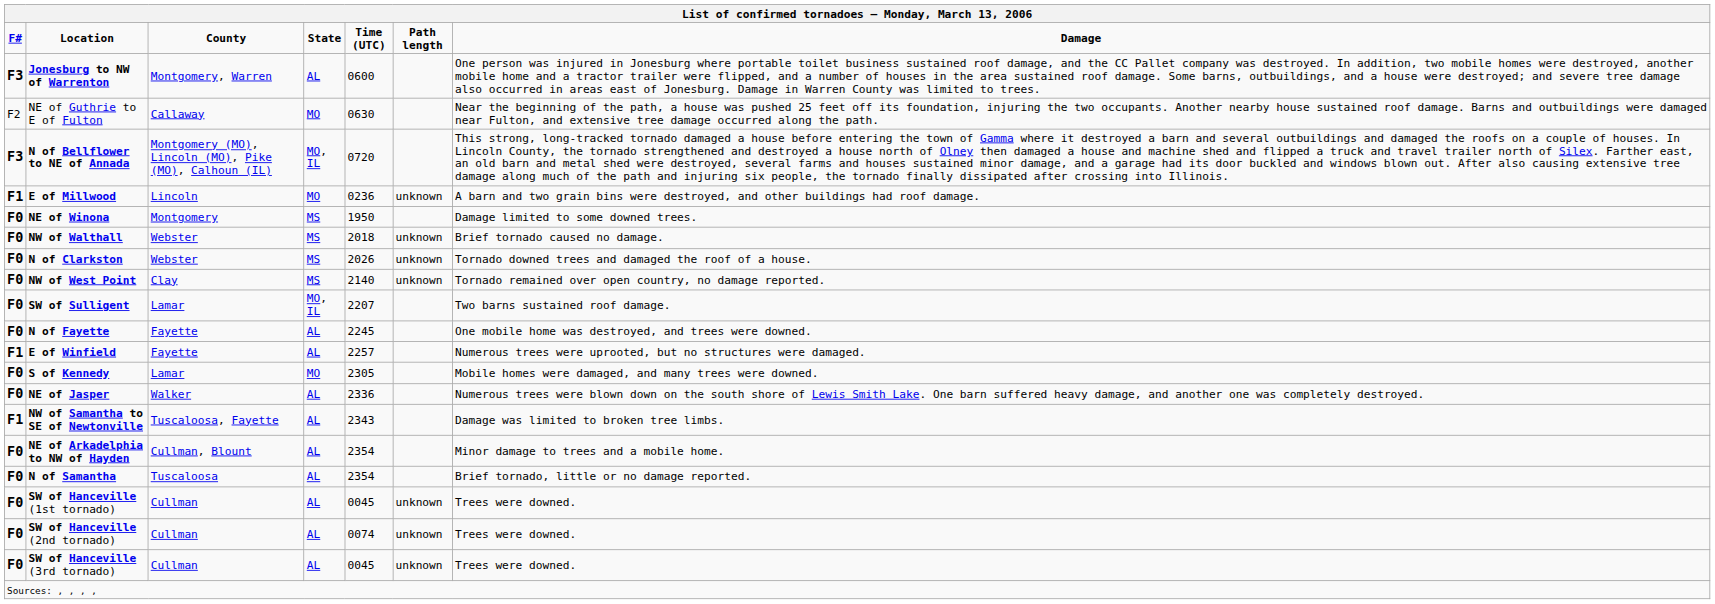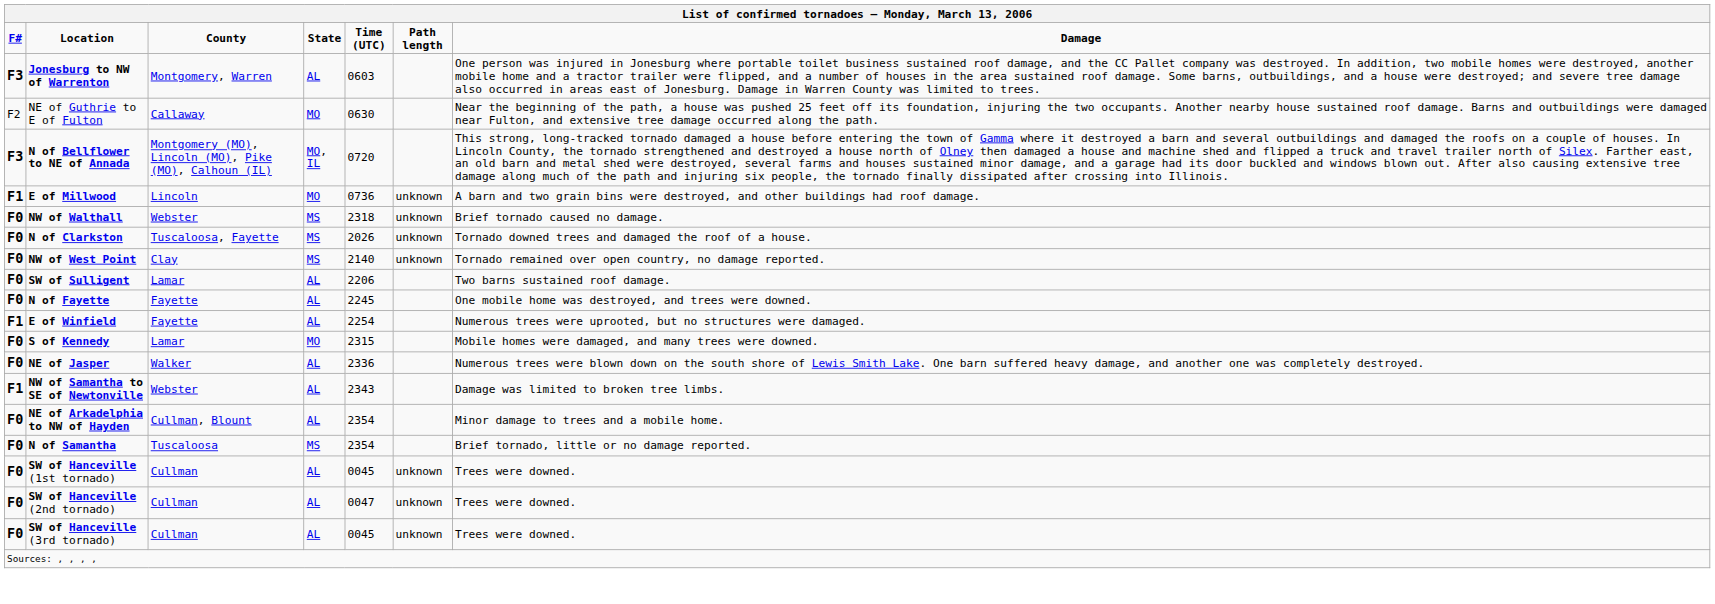 <table class="wikitable collapsible" width="100%">
 <tr>
 <th colspan="7">List of confirmed tornadoes – Monday, March 13, 2006</th>
 </tr>
 <tr style="text-align:center;">
 <td><strong><a href='#'>F#</a></strong></td>
 <td><strong>Location</strong></td>
 <td><strong>County</strong></td>
 <td><strong>State</strong></td>
 <td><strong>Time (UTC)</strong></td>
 <td><strong>Path length</strong></td>
 <td><strong>Damage</strong></td>
 </tr>
 <tr>
 <td><big><strong>F3</strong></big></td>
 <td><strong><a href='#'>Jonesburg</a> to NW of <a href='#'>Warrenton</a></strong></td>
 <td><a href='#'>Montgomery</a>, <a href='#'>Warren</a></td>
 <td><a href='#'>AL</a></td>
-<td>0600</td>
+<td>0603</td>
 <td></td>
 <td>One person was injured in Jonesburg where portable toilet business sustained roof damage, and the CC Pallet company was destroyed. In addition, two mobile homes were destroyed, another mobile home and a tractor trailer were flipped, and a number of houses in the area sustained roof damage. Some barns, outbuildings, and a house were destroyed; and severe tree damage also occurred in areas east of Jonesburg. Damage in Warren County was limited to trees.</td>
 </tr>
 <tr>
 <td>F2</td>
 <td>NE of <a href='#'>Guthrie</a> to E of <a href='#'>Fulton</a></td>
 <td><a href='#'>Callaway</a></td>
 <td><a href='#'>MO</a></td>
 <td>0630</td>
 <td></td>
 <td>Near the beginning of the path, a house was pushed 25 feet off its foundation, injuring the two occupants. Another nearby house sustained roof damage. Barns and outbuildings were damaged near Fulton, and extensive tree damage occurred along the path.</td>
 </tr>
 <tr>
 <td><big><strong>F3</strong></big></td>
 <td><strong>N of <a href='#'>Bellflower</a> to NE of <a href='#'>Annada</a></strong></td>
 <td><a href='#'>Montgomery (MO)</a>, <a href='#'>Lincoln (MO)</a>, <a href='#'>Pike (MO)</a>, <a href='#'>Calhoun (IL)</a></td>
 <td><a href='#'>MO</a>, <a href='#'>IL</a></td>
 <td>0720</td>
 <td></td>
 <td>This strong, long-tracked tornado damaged a house before entering the town of <a href='#'>Gamma</a> where it destroyed a barn and several outbuildings and damaged the roofs on a couple of houses. In Lincoln County, the tornado strengthened and destroyed a house north of <a href='#'>Olney</a> then damaged a house and machine shed and flipped a truck and travel trailer north of <a href='#'>Silex</a>. Farther east, an old barn and metal shed were destroyed, several farms and houses sustained minor damage, and a garage had its door buckled and windows blown out. After also causing extensive tree damage along much of the path and injuring six people, the tornado finally dissipated after crossing into Illinois.</td>
 </tr>
 <tr>
 <td><big><strong>F1</strong></big></td>
 <td><strong>E of <a href='#'>Millwood</a></strong></td>
 <td><a href='#'>Lincoln</a></td>
 <td><a href='#'>MO</a></td>
-<td>0236</td>
+<td>0736</td>
 <td>unknown</td>
 <td>A barn and two grain bins were destroyed, and other buildings had roof damage.</td>
-</tr>
-<tr>
-<td><big><strong>F0</strong></big></td>
-<td><strong>NE of <a href='#'>Winona</a></strong></td>
-<td><a href='#'>Montgomery</a></td>
-<td><a href='#'>MS</a></td>
-<td>1950</td>
-<td></td>
-<td>Damage limited to some downed trees.</td>
 </tr>
 <tr>
 <td><big><strong>F0</strong></big></td>
 <td><strong>NW of <a href='#'>Walthall</a></strong></td>
 <td><a href='#'>Webster</a></td>
 <td><a href='#'>MS</a></td>
-<td>2018</td>
+<td>2318</td>
 <td>unknown</td>
 <td>Brief tornado caused no damage.</td>
 </tr>
 <tr>
 <td><big><strong>F0</strong></big></td>
 <td><strong>N of <a href='#'>Clarkston</a></strong></td>
-<td><a href='#'>Webster</a></td>
+<td><a href='#'>Tuscaloosa</a>, <a href='#'>Fayette</a></td>
 <td><a href='#'>MS</a></td>
 <td>2026</td>
 <td>unknown</td>
 <td>Tornado downed trees and damaged the roof of a house.</td>
 </tr>
 <tr>
 <td><big><strong>F0</strong></big></td>
 <td><strong>NW of <a href='#'>West Point</a></strong></td>
 <td><a href='#'>Clay</a></td>
 <td><a href='#'>MS</a></td>
 <td>2140</td>
 <td>unknown</td>
 <td>Tornado remained over open country, no damage reported.</td>
 </tr>
 <tr>
 <td><big><strong>F0</strong></big></td>
 <td><strong>SW of <a href='#'>Sulligent</a></strong></td>
 <td><a href='#'>Lamar</a></td>
-<td><a href='#'>MO</a>, <a href='#'>IL</a></td>
-<td>2207</td>
+<td><a href='#'>AL</a></td>
+<td>2206</td>
 <td></td>
 <td>Two barns sustained roof damage.</td>
 </tr>
 <tr>
 <td><big><strong>F0</strong></big></td>
 <td><strong>N of <a href='#'>Fayette</a></strong></td>
 <td><a href='#'>Fayette</a></td>
 <td><a href='#'>AL</a></td>
 <td>2245</td>
 <td></td>
 <td>One mobile home was destroyed, and trees were downed.</td>
 </tr>
 <tr>
 <td><big><strong>F1</strong></big></td>
 <td><strong>E of <a href='#'>Winfield</a></strong></td>
 <td><a href='#'>Fayette</a></td>
 <td><a href='#'>AL</a></td>
-<td>2257</td>
+<td>2254</td>
 <td></td>
 <td>Numerous trees were uprooted, but no structures were damaged.</td>
 </tr>
 <tr>
 <td><big><strong>F0</strong></big></td>
 <td><strong>S of <a href='#'>Kennedy</a></strong></td>
 <td><a href='#'>Lamar</a></td>
 <td><a href='#'>MO</a></td>
-<td>2305</td>
+<td>2315</td>
 <td></td>
 <td>Mobile homes were damaged, and many trees were downed.</td>
 </tr>
 <tr>
 <td><big><strong>F0</strong></big></td>
 <td><strong>NE of <a href='#'>Jasper</a></strong></td>
 <td><a href='#'>Walker</a></td>
 <td><a href='#'>AL</a></td>
 <td>2336</td>
 <td></td>
 <td>Numerous trees were blown down on the south shore of <a href='#'>Lewis Smith Lake</a>. One barn suffered heavy damage, and another one was completely destroyed.</td>
 </tr>
 <tr>
 <td><big><strong>F1</strong></big></td>
 <td><strong>NW of <a href='#'>Samantha</a> to SE of <a href='#'>Newtonville</a></strong></td>
-<td><a href='#'>Tuscaloosa</a>, <a href='#'>Fayette</a></td>
+<td><a href='#'>Webster</a></td>
 <td><a href='#'>AL</a></td>
 <td>2343</td>
 <td></td>
 <td>Damage was limited to broken tree limbs.</td>
 </tr>
 <tr>
 <td><big><strong>F0</strong></big></td>
 <td><strong>NE of <a href='#'>Arkadelphia</a> to NW of <a href='#'>Hayden</a></strong></td>
 <td><a href='#'>Cullman</a>, <a href='#'>Blount</a></td>
 <td><a href='#'>AL</a></td>
 <td>2354</td>
 <td></td>
 <td>Minor damage to trees and a mobile home.</td>
 </tr>
 <tr>
 <td><big><strong>F0</strong></big></td>
 <td><strong>N of <a href='#'>Samantha</a></strong></td>
 <td><a href='#'>Tuscaloosa</a></td>
-<td><a href='#'>AL</a></td>
+<td><a href='#'>MS</a></td>
 <td>2354</td>
 <td></td>
 <td>Brief tornado, little or no damage reported.</td>
 </tr>
 <tr>
 <td><big><strong>F0</strong></big></td>
 <td><strong>SW of <a href='#'>Hanceville</a></strong> (1st tornado)</td>
 <td><a href='#'>Cullman</a></td>
 <td><a href='#'>AL</a></td>
 <td>0045</td>
 <td>unknown</td>
 <td>Trees were downed.</td>
 </tr>
 <tr>
 <td><big><strong>F0</strong></big></td>
 <td><strong>SW of <a href='#'>Hanceville</a></strong> (2nd tornado)</td>
 <td><a href='#'>Cullman</a></td>
 <td><a href='#'>AL</a></td>
-<td>0074</td>
+<td>0047</td>
 <td>unknown</td>
 <td>Trees were downed.</td>
 </tr>
 <tr>
 <td><big><strong>F0</strong></big></td>
 <td><strong>SW of <a href='#'>Hanceville</a></strong> (3rd tornado)</td>
 <td><a href='#'>Cullman</a></td>
 <td><a href='#'>AL</a></td>
 <td>0045</td>
 <td>unknown</td>
 <td>Trees were downed.</td>
 </tr>
 <tr>
 <td colspan="7"><small>Sources: , , , , </small></td>
 </tr>
 </table>
